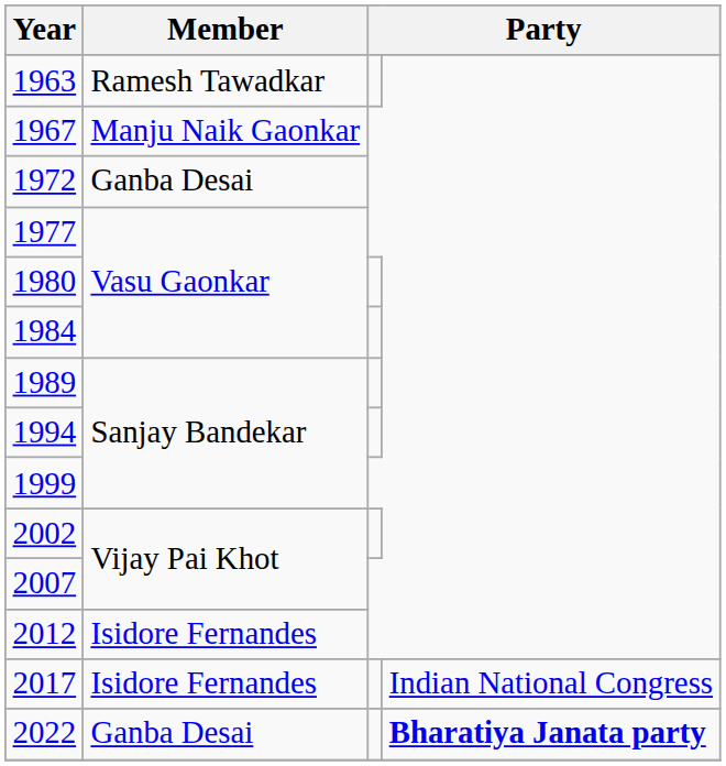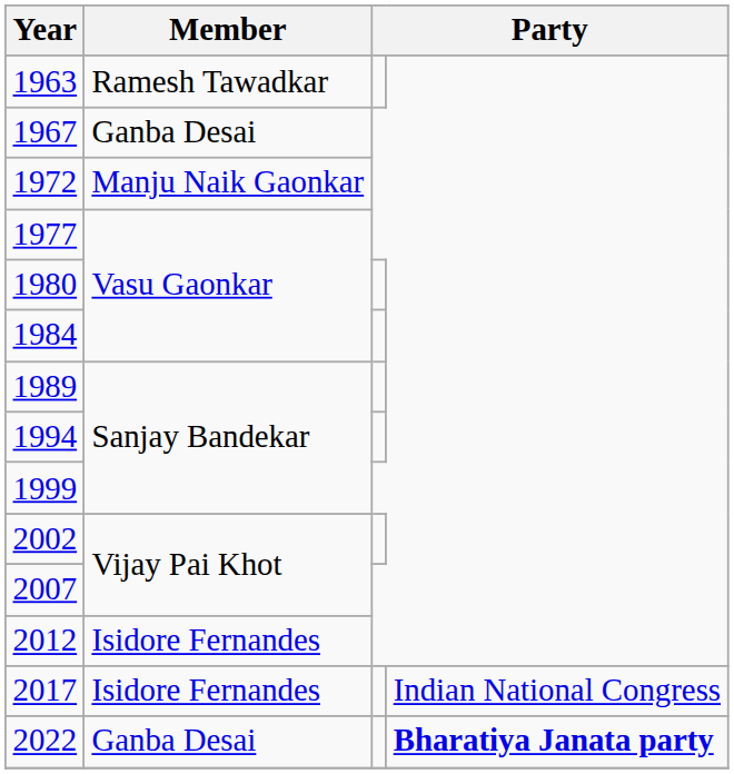 <table class="wikitable sortable">
 <tr>
 <th>Year</th>
 <th>Member</th>
 <th colspan="2">Party</th>
 </tr>
 <tr>
 <td><a href='#'>1963</a></td>
 <td>Ramesh Tawadkar</td>
 <td></td>
 </tr>
 <tr>
 <td><a href='#'>1967</a></td>
-<td><a href='#'>Manju Naik Gaonkar</a></td>
+<td>Ganba Desai</td>
 </tr>
 <tr>
 <td><a href='#'>1972</a></td>
-<td>Ganba Desai</td>
+<td><a href='#'>Manju Naik Gaonkar</a></td>
 </tr>
 <tr>
 <td><a href='#'>1977</a></td>
 <td rowspan=3><a href='#'>Vasu Gaonkar</a></td>
 </tr>
 <tr>
 <td><a href='#'>1980</a></td>
 <td></td>
 </tr>
 <tr>
 <td><a href='#'>1984</a></td>
 <td></td>
 </tr>
 <tr>
 <td><a href='#'>1989</a></td>
 <td rowspan=3>Sanjay Bandekar</td>
 <td></td>
 </tr>
 <tr>
 <td><a href='#'>1994</a></td>
 <td></td>
 </tr>
 <tr>
 <td><a href='#'>1999</a></td>
 </tr>
 <tr>
 <td><a href='#'>2002</a></td>
 <td rowspan=2>Vijay Pai Khot</td>
 <td></td>
 </tr>
 <tr>
 <td><a href='#'>2007</a></td>
 </tr>
 <tr>
 <td><a href='#'>2012</a></td>
 <td><a href='#'>Isidore Fernandes</a></td>
 </tr>
 <tr>
 <td><a href='#'>2017</a></td>
 <td><a href='#'>Isidore Fernandes</a></td>
 <td style="background-color: "></td>
 <td><a href='#'>Indian National Congress</a></td>
 </tr>
 <tr>
 <td><a href='#'>2022</a></td>
 <td><a href='#'>Ganba Desai</a></td>
 <td style="background-color: "></td>
 <td><strong><a href='#'>Bharatiya Janata party</a></strong></td>
 </tr>
 <tr>
 </tr>
 </table>
